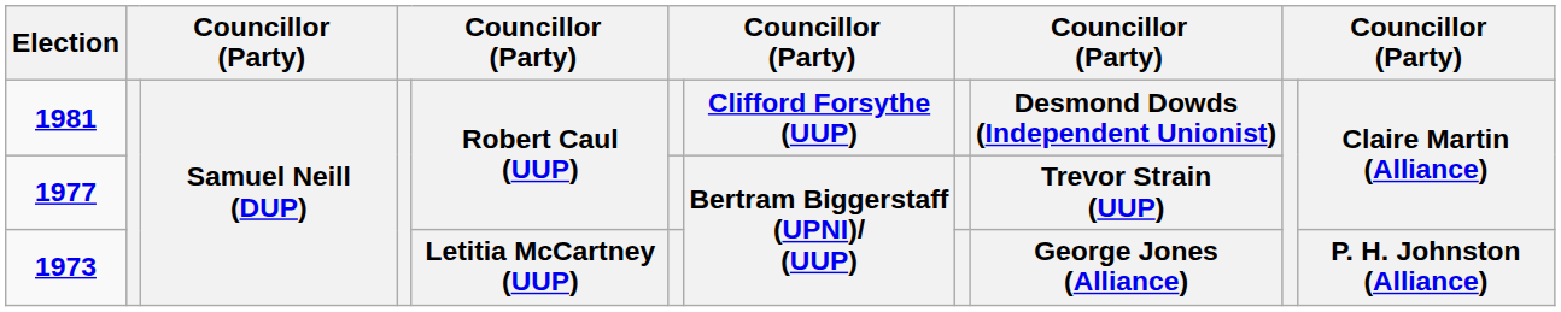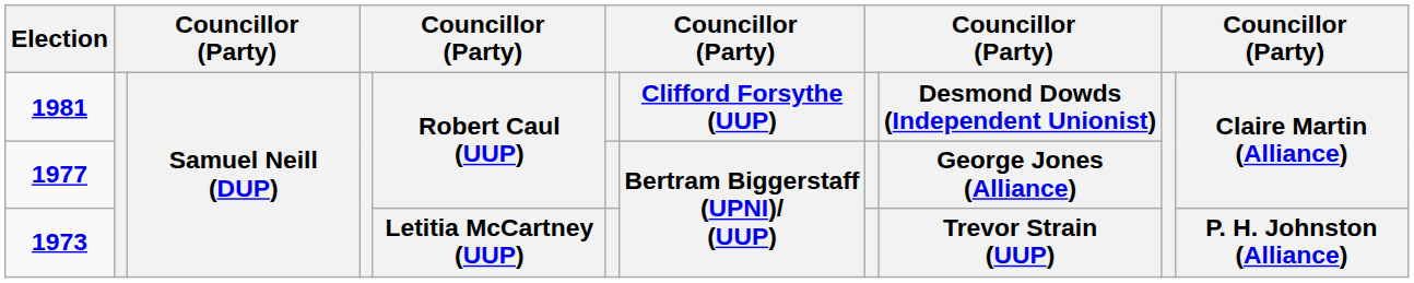 <table class="wikitable" style="text-align:center">
 <tr>
 <th scope="col" width="50">Election</th>
 <th scope="col" width="150" colspan = "2">Councillor<br> (Party)</th>
 <th scope="col" width="150" colspan = "2">Councillor<br> (Party)</th>
 <th scope="col" width="150" colspan = "2">Councillor<br> (Party)</th>
 <th scope="col" width="150" colspan = "2">Councillor<br> (Party)</th>
 <th scope="col" width="150" colspan = "2">Councillor<br> (Party)</th>
 </tr>
 <tr>
 <td><strong><a href='#'>1981</a></strong></td>
 <th rowspan="3" width="1" style="background-color: "></th>
 <th rowspan = "3">Samuel Neill <br> (<a href='#'>DUP</a>)</th>
 <th rowspan="3" width="1" style="background-color: "></th>
 <th rowspan = "2">Robert Caul <br> (<a href='#'>UUP</a>)</th>
 <th rowspan="1" width="1" style="background-color: "></th>
 <th rowspan = "1"><a href='#'>Clifford Forsythe</a> <br> (<a href='#'>UUP</a>)</th>
 <th rowspan="1" width="1" style="background-color: "></th>
 <th rowspan = "1">Desmond Dowds <br> (<a href='#'>Independent Unionist</a>)</th>
 <th rowspan="3" width="1" style="background-color: "></th>
 <th rowspan = "2">Claire Martin <br> (<a href='#'>Alliance</a>)</th>
 </tr>
 <tr>
 <td><strong><a href='#'>1977</a></strong></td>
 <th rowspan="1" width="1" style="background-color: "></th>
 <th rowspan = "2">Bertram Biggerstaff <br> (<a href='#'>UPNI</a>)/ <br> (<a href='#'>UUP</a>)</th>
 <th rowspan="1" width="1" style="background-color: "></th>
-<th rowspan = "1">Trevor Strain <br> (<a href='#'>UUP</a>)</th>
+<th rowspan = "1">George Jones <br> (<a href='#'>Alliance</a>)</th>
 </tr>
 <tr>
 <td><strong><a href='#'>1973</a></strong></td>
 <th rowspan = "1">Letitia McCartney <br> (<a href='#'>UUP</a>)</th>
 <th rowspan="1" width="1" style="background-color: "></th>
 <th rowspan="1" width="1" style="background-color: "></th>
-<th rowspan = "1">George Jones <br> (<a href='#'>Alliance</a>)</th>
+<th rowspan = "1">Trevor Strain <br> (<a href='#'>UUP</a>)</th>
 <th rowspan = "1">P. H. Johnston <br> (<a href='#'>Alliance</a>)</th>
 </tr>
 </table>
